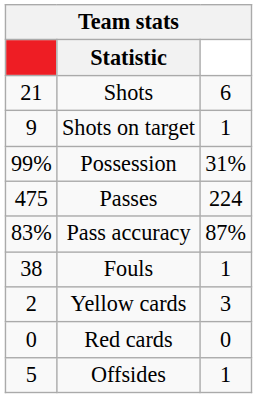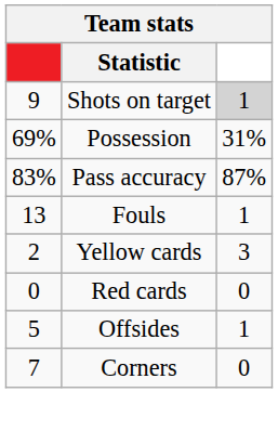 <table class="wikitable" style="margin-left: auto; margin-right: auto; border: none; text-align:center;">
 <tr>
 <th colspan=3>Team stats</th>
 </tr>
 <tr>
 <th style="background: #ee1d24; color: #ffff00;"> <a href='#'></a></th>
 <th>Statistic</th>
 <th style="background: #FFFFFF; color: #da251d;"> <a href='#'></a></th>
 </tr>
 <tr>
-<td>21</td>
-<td>Shots</td>
-<td>6</td>
+<td>9</td>
+<td>Shots on target</td>
+<td style="background: lightgrey;">1</td>
 </tr>
 <tr>
-<td>9</td>
-<td>Shots on target</td>
-<td>1</td>
-</tr>
-<tr>
-<td>99%</td>
+<td>69%</td>
 <td>Possession</td>
 <td>31%</td>
-</tr>
-<tr>
-<td>475</td>
-<td>Passes</td>
-<td>224</td>
 </tr>
 <tr>
 <td>83%</td>
 <td>Pass accuracy</td>
 <td>87%</td>
 </tr>
 <tr>
-<td>38</td>
+<td>13</td>
 <td>Fouls</td>
 <td>1</td>
 </tr>
 <tr>
 <td>2</td>
 <td>Yellow cards</td>
 <td>3</td>
 </tr>
 <tr>
 <td>0</td>
 <td>Red cards</td>
 <td>0</td>
 </tr>
 <tr>
 <td>5</td>
 <td>Offsides</td>
 <td>1</td>
 </tr>
+<tr>
+<td>7</td>
+<td>Corners</td>
+<td>0</td>
+</tr>
 </table>
